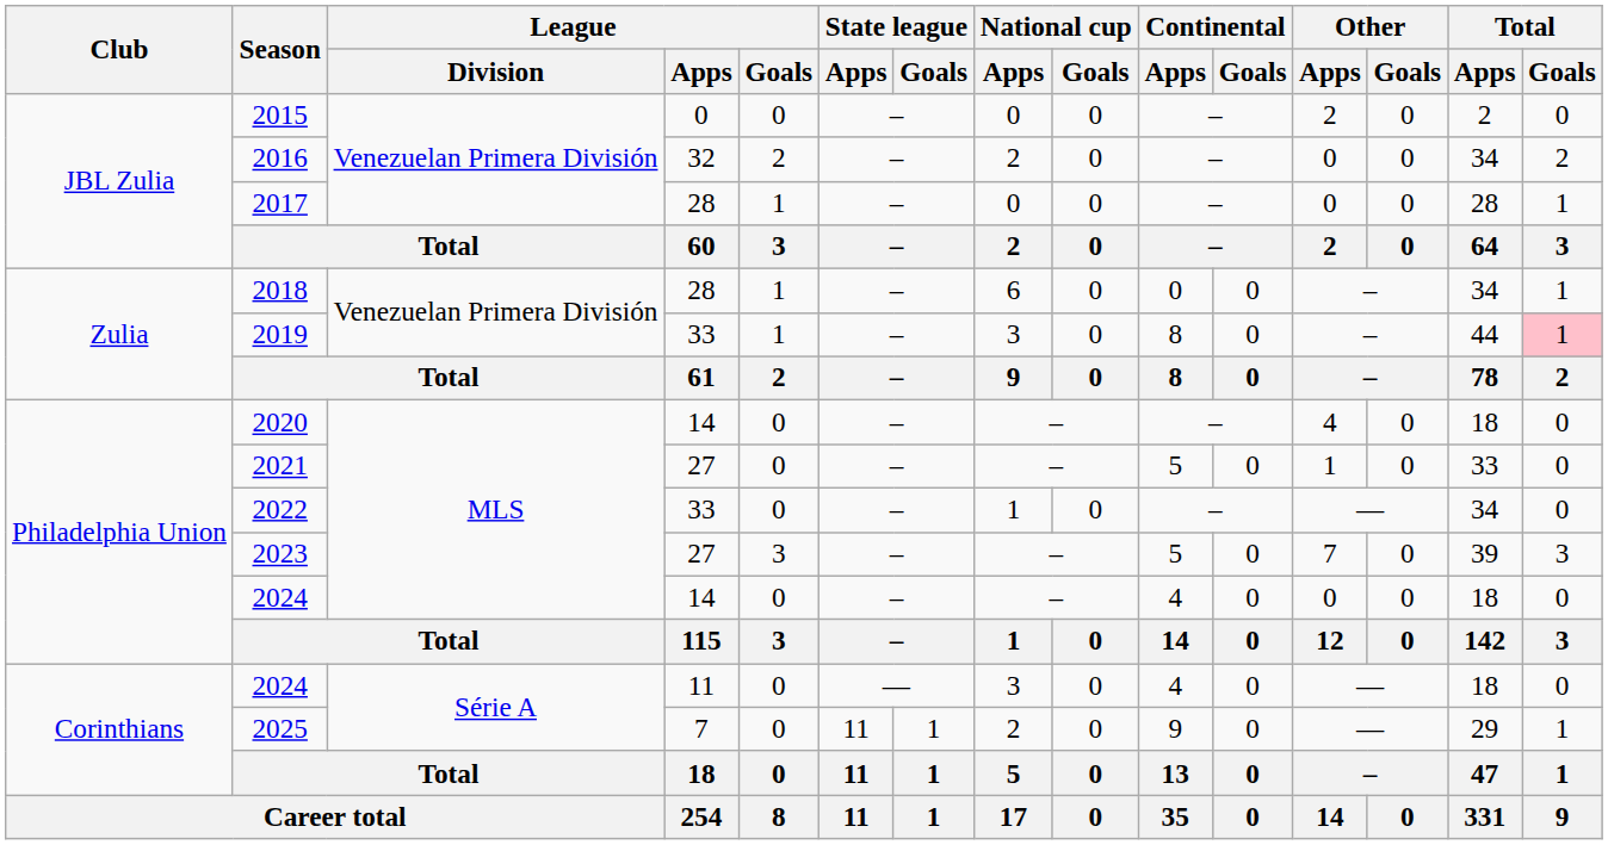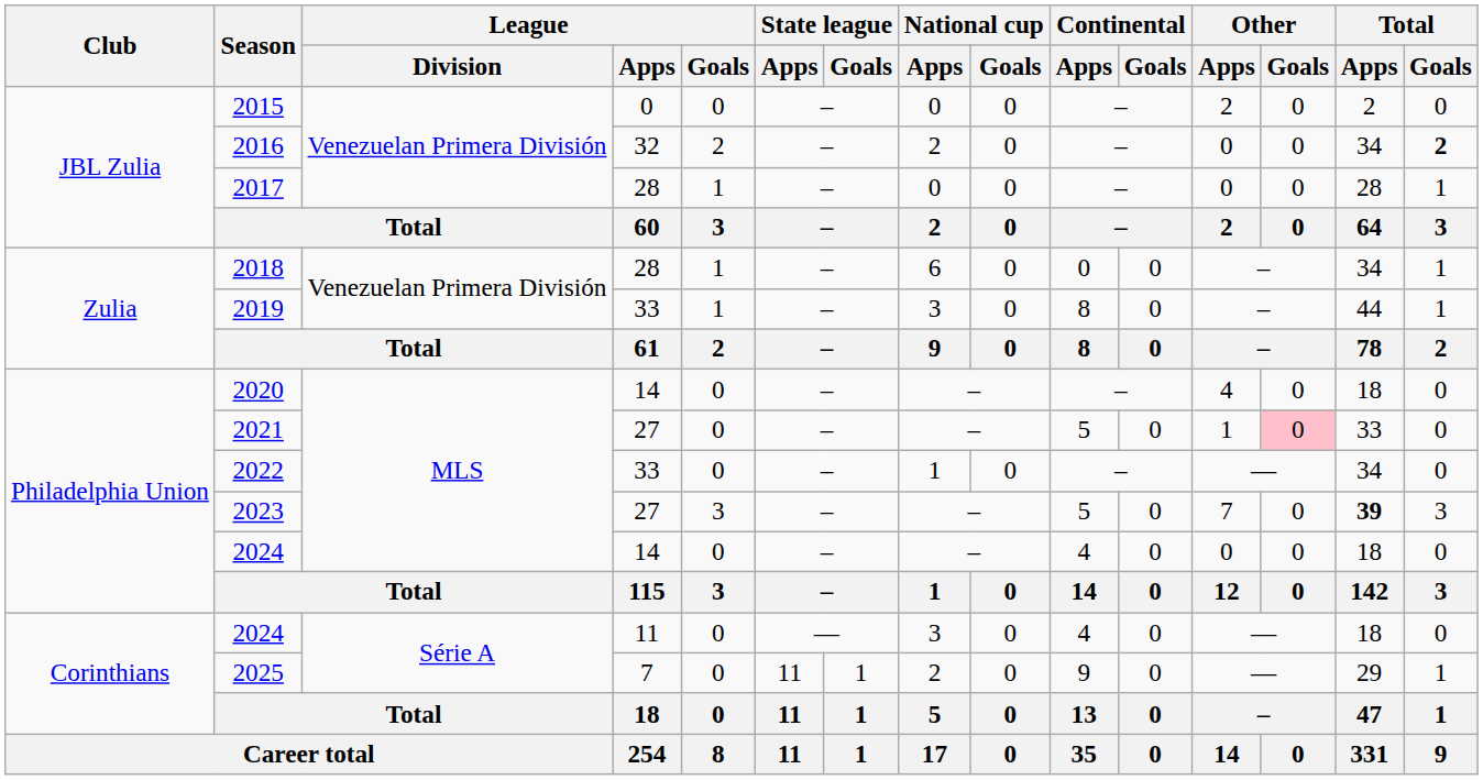 <table class="wikitable" style="text-align: center">
 <tr>
 <th rowspan="2">Club</th>
 <th rowspan="2">Season</th>
 <th colspan="3">League</th>
 <th colspan="2">State league</th>
 <th colspan="2">National cup</th>
 <th colspan="2">Continental</th>
 <th colspan="2">Other</th>
 <th colspan="2">Total</th>
 </tr>
 <tr>
 <th>Division</th>
 <th>Apps</th>
 <th>Goals</th>
 <th>Apps</th>
 <th>Goals</th>
 <th>Apps</th>
 <th>Goals</th>
 <th>Apps</th>
 <th>Goals</th>
 <th>Apps</th>
 <th>Goals</th>
 <th>Apps</th>
 <th>Goals</th>
 </tr>
 <tr>
 <td rowspan="4"><a href='#'>JBL Zulia</a></td>
 <td><a href='#'>2015</a></td>
 <td rowspan="3"><a href='#'>Venezuelan Primera División</a></td>
 <td>0</td>
 <td>0</td>
 <td colspan="2">–</td>
 <td>0</td>
 <td>0</td>
 <td colspan="2">–</td>
 <td>2</td>
 <td>0</td>
 <td>2</td>
 <td>0</td>
 </tr>
 <tr>
 <td><a href='#'>2016</a></td>
 <td>32</td>
 <td>2</td>
 <td colspan="2">–</td>
 <td>2</td>
 <td>0</td>
 <td colspan="2">–</td>
 <td>0</td>
 <td>0</td>
 <td>34</td>
-<td>2</td>
+<td><strong>2</strong></td>
 </tr>
 <tr>
 <td><a href='#'>2017</a></td>
 <td>28</td>
 <td>1</td>
 <td colspan="2">–</td>
 <td>0</td>
 <td>0</td>
 <td colspan="2">–</td>
 <td>0</td>
 <td>0</td>
 <td>28</td>
 <td>1</td>
 </tr>
 <tr>
 <th colspan="2">Total</th>
 <th>60</th>
 <th>3</th>
 <th colspan="2">–</th>
 <th>2</th>
 <th>0</th>
 <th colspan="2">–</th>
 <th>2</th>
 <th>0</th>
 <th>64</th>
 <th>3</th>
 </tr>
 <tr>
 <td rowspan="3"><a href='#'>Zulia</a></td>
 <td><a href='#'>2018</a></td>
 <td rowspan="2">Venezuelan Primera División</td>
 <td>28</td>
 <td>1</td>
 <td colspan="2">–</td>
 <td>6</td>
 <td>0</td>
 <td>0</td>
 <td>0</td>
 <td colspan="2">–</td>
 <td>34</td>
 <td>1</td>
 </tr>
 <tr>
 <td><a href='#'>2019</a></td>
 <td>33</td>
 <td>1</td>
 <td colspan="2">–</td>
 <td>3</td>
 <td>0</td>
 <td>8</td>
 <td>0</td>
 <td colspan="2">–</td>
 <td>44</td>
-<td style="background: pink;">1</td>
+<td>1</td>
 </tr>
 <tr>
 <th colspan="2">Total</th>
 <th>61</th>
 <th>2</th>
 <th colspan="2">–</th>
 <th>9</th>
 <th>0</th>
 <th>8</th>
 <th>0</th>
 <th colspan="2">–</th>
 <th>78</th>
 <th>2</th>
 </tr>
 <tr>
 <td rowspan="6"><a href='#'>Philadelphia Union</a></td>
 <td><a href='#'>2020</a></td>
 <td rowspan="5"><a href='#'>MLS</a></td>
 <td>14</td>
 <td>0</td>
 <td colspan="2">–</td>
 <td colspan="2">–</td>
 <td colspan="2">–</td>
 <td>4</td>
 <td>0</td>
 <td>18</td>
 <td>0</td>
 </tr>
 <tr>
 <td><a href='#'>2021</a></td>
 <td>27</td>
 <td>0</td>
 <td colspan="2">–</td>
 <td colspan="2">–</td>
 <td>5</td>
 <td>0</td>
 <td>1</td>
-<td>0</td>
+<td style="background: pink;">0</td>
 <td>33</td>
 <td>0</td>
 </tr>
 <tr>
 <td><a href='#'>2022</a></td>
 <td>33</td>
 <td>0</td>
 <td colspan="2">–</td>
 <td>1</td>
 <td>0</td>
 <td colspan="2">–</td>
 <td colspan="2">—</td>
 <td>34</td>
 <td>0</td>
 </tr>
 <tr>
 <td><a href='#'>2023</a></td>
 <td>27</td>
 <td>3</td>
 <td colspan="2">–</td>
 <td colspan="2">–</td>
 <td>5</td>
 <td>0</td>
 <td>7</td>
 <td>0</td>
-<td>39</td>
+<td><strong>39</strong></td>
 <td>3</td>
 </tr>
 <tr>
 <td><a href='#'>2024</a></td>
 <td>14</td>
 <td>0</td>
 <td colspan="2">–</td>
 <td colspan="2">–</td>
 <td>4</td>
 <td>0</td>
 <td>0</td>
 <td>0</td>
 <td>18</td>
 <td>0</td>
 </tr>
 <tr>
 <th colspan="2">Total</th>
 <th>115</th>
 <th>3</th>
 <th colspan="2">–</th>
 <th>1</th>
 <th>0</th>
 <th>14</th>
 <th>0</th>
 <th>12</th>
 <th>0</th>
 <th>142</th>
 <th>3</th>
 </tr>
 <tr>
 <td rowspan="3"><a href='#'>Corinthians</a></td>
 <td><a href='#'>2024</a></td>
 <td rowspan="2"><a href='#'>Série A</a></td>
 <td>11</td>
 <td>0</td>
 <td colspan="2">—</td>
 <td>3</td>
 <td>0</td>
 <td>4</td>
 <td>0</td>
 <td colspan="2">—</td>
 <td>18</td>
 <td>0</td>
 </tr>
 <tr>
 <td><a href='#'>2025</a></td>
 <td>7</td>
 <td>0</td>
 <td>11</td>
 <td>1</td>
 <td>2</td>
 <td>0</td>
 <td>9</td>
 <td>0</td>
 <td colspan="2">—</td>
 <td>29</td>
 <td>1</td>
 </tr>
 <tr>
 <th colspan="2">Total</th>
 <th>18</th>
 <th>0</th>
 <th>11</th>
 <th>1</th>
 <th>5</th>
 <th>0</th>
 <th>13</th>
 <th>0</th>
 <th colspan="2">–</th>
 <th>47</th>
 <th>1</th>
 </tr>
 <tr>
 <th colspan="3">Career total</th>
 <th>254</th>
 <th>8</th>
 <th>11</th>
 <th>1</th>
 <th>17</th>
 <th>0</th>
 <th>35</th>
 <th>0</th>
 <th>14</th>
 <th>0</th>
 <th>331</th>
 <th>9</th>
 </tr>
 </table>
